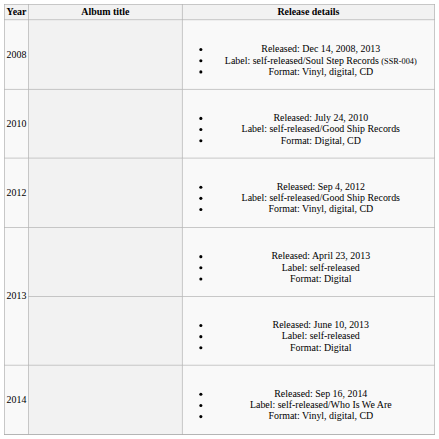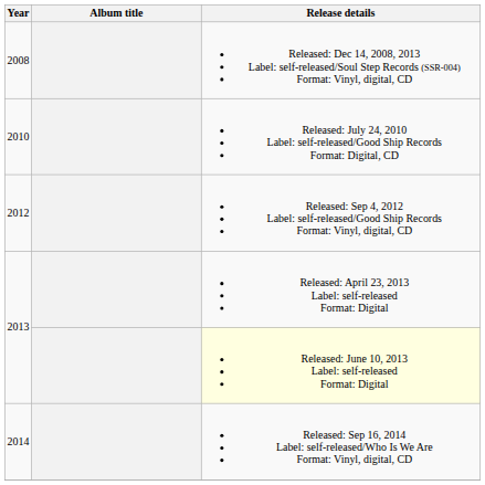 <table class="wikitable plainrowheaders" style="text-align:center;">
 <tr>
 <th>Year</th>
 <th scope="col" rowspan="1" style="width:15em;">Album title</th>
 <th scope="col" rowspan="1" style="width:25em;">Release details</th>
 </tr>
 <tr>
 <td>2008</td>
 <th></th>
 <td><br><ul><li>Released: Dec 14, 2008, 2013</li><li>Label: self-released/Soul Step Records <small>(SSR-004)</small></li><li>Format: Vinyl, digital, CD</li></ul></td>
 </tr>
 <tr>
 <td>2010</td>
 <th></th>
 <td><br><ul><li>Released: July 24, 2010</li><li>Label: self-released/Good Ship Records</li><li>Format: Digital, CD</li></ul></td>
 </tr>
 <tr>
 <td>2012</td>
 <th></th>
 <td><br><ul><li>Released: Sep 4, 2012</li><li>Label: self-released/Good Ship Records</li><li>Format: Vinyl, digital, CD</li></ul></td>
 </tr>
 <tr>
 <td rowspan="2">2013</td>
 <th></th>
 <td><br><ul><li>Released: April 23, 2013</li><li>Label: self-released</li><li>Format: Digital</li></ul></td>
 </tr>
 <tr>
 <th></th>
-<td><br><ul><li>Released: June 10, 2013</li><li>Label: self-released</li><li>Format: Digital</li></ul></td>
+<td style="background: lightyellow;"><br><ul><li>Released: June 10, 2013</li><li>Label: self-released</li><li>Format: Digital</li></ul></td>
 </tr>
 <tr>
 <td>2014</td>
 <th></th>
 <td><br><ul><li>Released: Sep 16, 2014</li><li>Label: self-released/Who Is We Are</li><li>Format: Vinyl, digital, CD</li></ul></td>
 </tr>
 <tr>
 </tr>
 </table>
